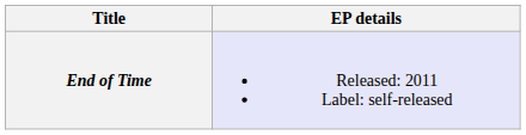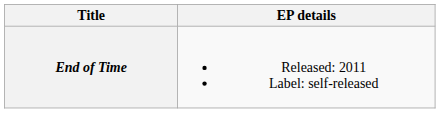 <table class="wikitable plainrowheaders" style="text-align:center;">
 <tr>
 <th scope="col" style="width:12em;">Title</th>
 <th scope="col" style="width:18em;">EP details</th>
 </tr>
 <tr>
 <th scope="row"><em>End of Time</em></th>
-<td style="background: lavender;"><br><ul><li>Released: 2011</li><li>Label: self-released</li></ul></td>
+<td><br><ul><li>Released: 2011</li><li>Label: self-released</li></ul></td>
 </tr>
 </table>
